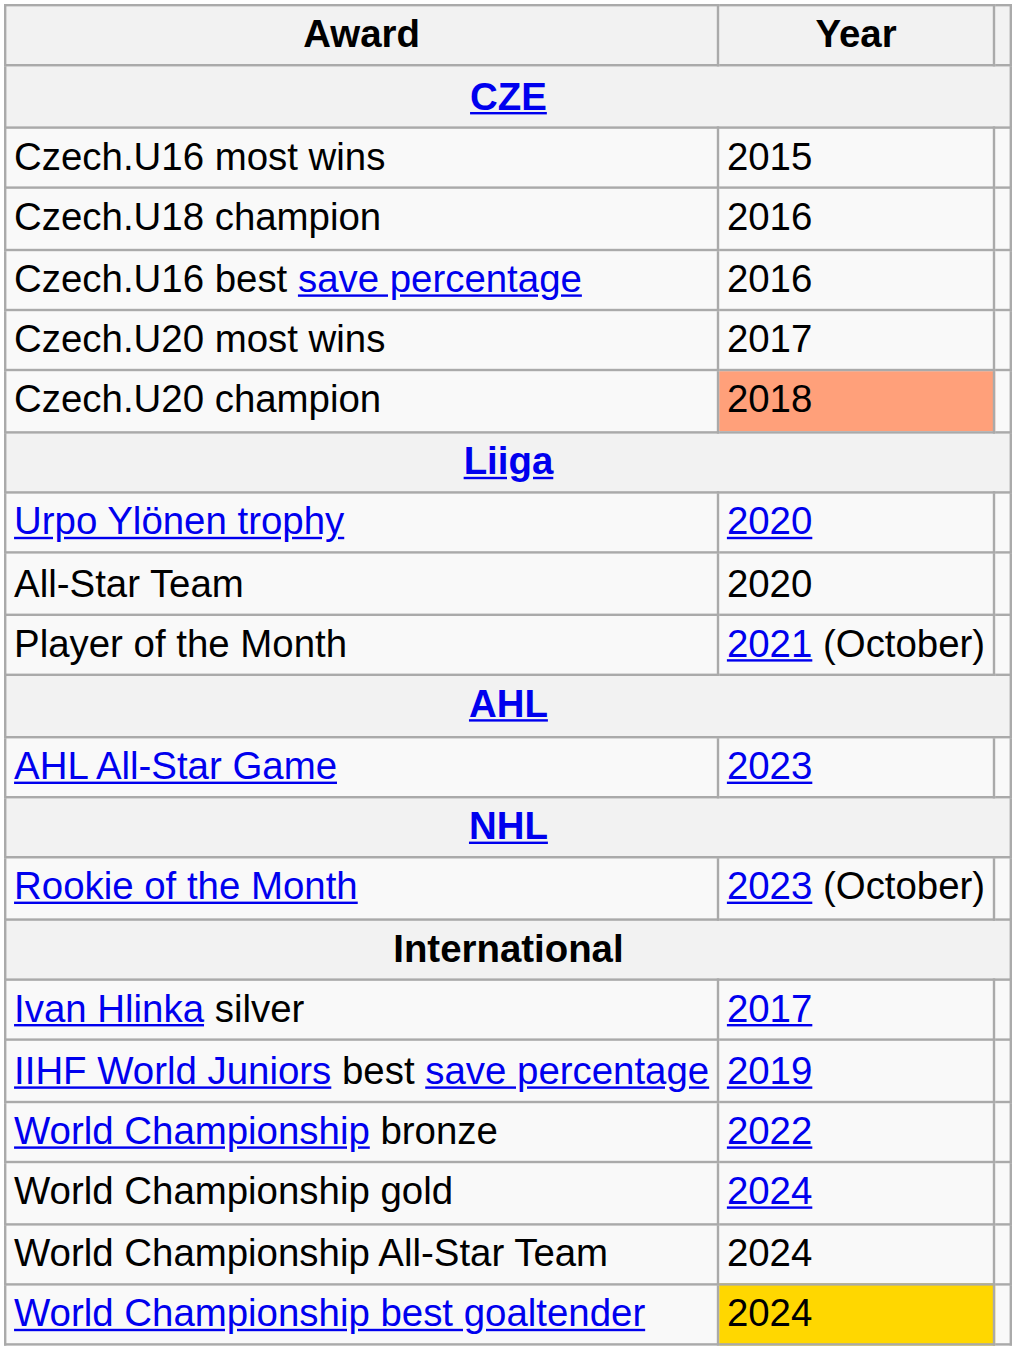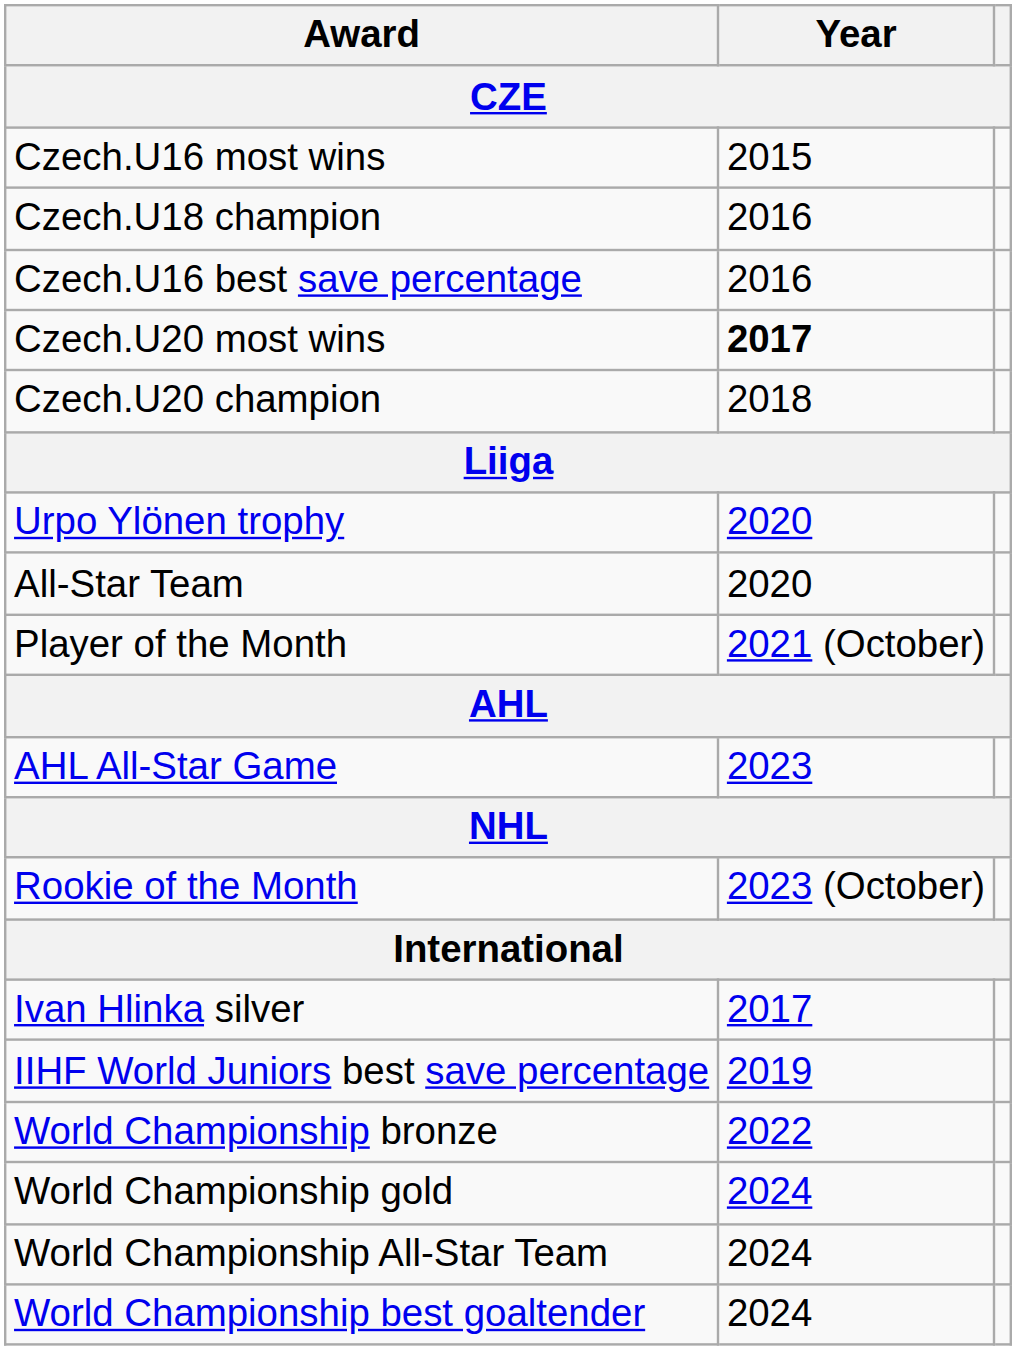 <table class="wikitable">
 <tr>
 <th>Award</th>
 <th>Year</th>
 <th></th>
 </tr>
 <tr ALIGN="center" bgcolor="#e0e0e0">
 <th colspan="3"><a href='#'>CZE</a></th>
 </tr>
 <tr>
 <td>Czech.U16 most wins</td>
 <td>2015</td>
 <td></td>
 </tr>
 <tr>
 <td>Czech.U18 champion</td>
 <td>2016</td>
 <td></td>
 </tr>
 <tr>
 <td>Czech.U16 best <a href='#'>save percentage</a></td>
 <td>2016</td>
 <td></td>
 </tr>
 <tr>
 <td>Czech.U20 most wins</td>
-<td>2017</td>
+<td><strong>2017</strong></td>
 <td></td>
 </tr>
 <tr>
 <td>Czech.U20 champion</td>
-<td style="background: lightsalmon;">2018</td>
+<td>2018</td>
 <td></td>
 </tr>
 <tr ALIGN="center" bgcolor="#e0e0e0">
 <th colspan="3"><a href='#'>Liiga</a></th>
 </tr>
 <tr>
 <td><a href='#'>Urpo Ylönen trophy</a></td>
 <td><a href='#'>2020</a></td>
 <td></td>
 </tr>
 <tr>
 <td>All-Star Team</td>
 <td>2020</td>
 <td></td>
 </tr>
 <tr>
 <td>Player of the Month</td>
 <td><a href='#'>2021</a> (October)</td>
 <td></td>
 </tr>
 <tr ALIGN="center" bgcolor="#e0e0e0">
 <th colspan="3"><a href='#'>AHL</a></th>
 </tr>
 <tr>
 <td><a href='#'>AHL All-Star Game</a></td>
 <td><a href='#'>2023</a></td>
 <td></td>
 </tr>
 <tr ALIGN="center" bgcolor="#e0e0e0">
 <th colspan="3"><a href='#'>NHL</a></th>
 </tr>
 <tr>
 <td><a href='#'>Rookie of the Month</a></td>
 <td><a href='#'>2023</a> (October)</td>
 <td></td>
 </tr>
 <tr ALIGN="center" bgcolor="#e0e0e0">
 <th colspan="3">International</th>
 </tr>
 <tr>
 <td><a href='#'>Ivan Hlinka</a> silver</td>
 <td><a href='#'>2017</a></td>
 <td></td>
 </tr>
 <tr>
 <td><a href='#'>IIHF World Juniors</a> best <a href='#'>save percentage</a></td>
 <td><a href='#'>2019</a></td>
 <td></td>
 </tr>
 <tr>
 <td><a href='#'>World Championship</a> bronze</td>
 <td><a href='#'>2022</a></td>
 <td></td>
 </tr>
 <tr>
 <td>World Championship gold</td>
 <td><a href='#'>2024</a></td>
 <td></td>
 </tr>
 <tr>
 <td>World Championship All-Star Team</td>
 <td>2024</td>
 <td></td>
 </tr>
 <tr>
 <td><a href='#'>World Championship best goaltender</a></td>
-<td style="background: gold;">2024</td>
+<td>2024</td>
 <td></td>
 </tr>
 </table>
